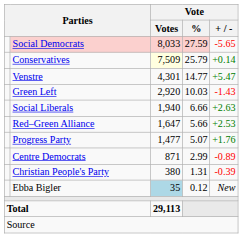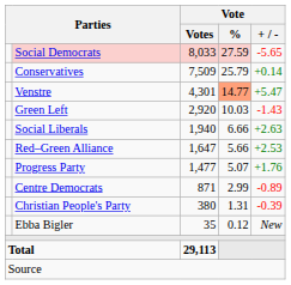 <table class="wikitable" style="text-align:right;">
 <tr>
 <th style="text-align:centre;" rowspan="2" colspan="2" width="225">Parties</th>
 <th colspan="3">Vote</th>
 </tr>
 <tr>
 <th width="15">Votes</th>
 <th width="15">%</th>
 <th width="15">+ / -</th>
 </tr>
 <tr>
 <td width="2" style="color:inherit;background:"></td>
 <td bgcolor=#fbd0ce  align="left"><a href='#'>Social Democrats</a></td>
 <td bgcolor=#fbd0ce>8,033</td>
 <td bgcolor=#fbd0ce>27.59</td>
 <td style=color:red;>-5.65</td>
 </tr>
 <tr>
 <td width="2" style="color:inherit;background:"></td>
 <td align="left"><a href='#'>Conservatives</a></td>
-<td style="background: lightyellow;">7,509</td>
+<td>7,509</td>
 <td>25.79</td>
 <td style=color:green;>+0.14</td>
 </tr>
 <tr>
 <td width="2" style="color:inherit;background:"></td>
 <td align="left"><a href='#'>Venstre</a></td>
 <td>4,301</td>
-<td>14.77</td>
+<td style="background: lightsalmon;">14.77</td>
 <td style=color:green;>+5.47</td>
 </tr>
 <tr>
 <td width="2" style="color:inherit;background:"></td>
 <td align="left"><a href='#'>Green Left</a></td>
 <td>2,920</td>
 <td>10.03</td>
 <td style=color:red;>-1.43</td>
 </tr>
 <tr>
 <td width="2" style="color:inherit;background:"></td>
 <td align="left"><a href='#'>Social Liberals</a></td>
 <td>1,940</td>
 <td>6.66</td>
 <td style=color:green;>+2.63</td>
 </tr>
 <tr>
 <td width="2" style="color:inherit;background:"></td>
 <td align="left"><a href='#'>Red–Green Alliance</a></td>
 <td>1,647</td>
 <td>5.66</td>
 <td style=color:green;>+2.53</td>
 </tr>
 <tr>
 <td width="2" style="color:inherit;background:"></td>
 <td align="left"><a href='#'>Progress Party</a></td>
 <td>1,477</td>
 <td>5.07</td>
 <td style=color:green;>+1.76</td>
 </tr>
 <tr>
 <td width="2" style="color:inherit;background:"></td>
 <td align="left"><a href='#'>Centre Democrats</a></td>
 <td>871</td>
 <td>2.99</td>
 <td style=color:red;>-0.89</td>
 </tr>
 <tr>
 <td width="2" style="color:inherit;background:"></td>
 <td align="left"><a href='#'>Christian People's Party</a></td>
 <td>380</td>
 <td>1.31</td>
 <td style=color:red;>-0.39</td>
 </tr>
 <tr>
 <td width="2" style="color:inherit;background:"></td>
 <td align="left">Ebba Bigler</td>
-<td style="background: lightblue;">35</td>
+<td>35</td>
 <td>0.12</td>
 <td><em>New</em></td>
 </tr>
 <tr>
 <td colspan="7" bgcolor="#E9E9E9"></td>
 </tr>
 <tr>
 <td align="left" colspan="2"><strong>Total</strong></td>
 <td><strong>29,113</strong></td>
 <td bgcolor="#E9E9E9" colspan="2"></td>
 </tr>
 <tr>
 <td align="left" colspan="6">Source</td>
 </tr>
 </table>
